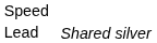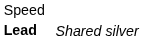 <table>
 <tr>
 <td>Speed<br></td>
 <td></td>
 <td></td>
 <td></td>
 </tr>
 <tr>
-<td>Lead<br></td>
+<td><strong>Lead<br></strong></td>
 <td rowspan=2></td>
 <td><br></td>
 <td rowspan=2><em>Shared silver</em></td>
 </tr>
 <tr>
 </tr>
 </table>
